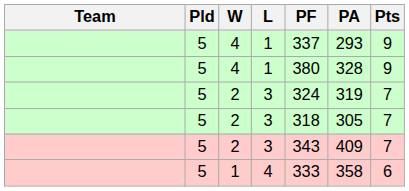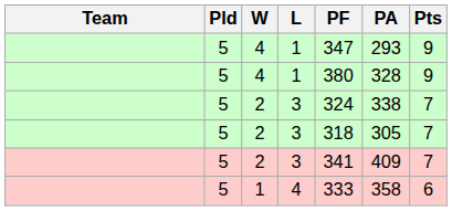 <table class="wikitable" style="text-align:center;">
 <tr>
 <th width=170>Team</th>
 <th width=25>Pld</th>
 <th width=25>W</th>
 <th width=25>L</th>
 <th width=35>PF</th>
 <th width=35>PA</th>
 <th width=25>Pts</th>
 </tr>
 <tr bgcolor=#ccffcc>
 <td align="left"></td>
 <td>5</td>
 <td>4</td>
 <td>1</td>
-<td>337</td>
+<td>347</td>
 <td>293</td>
 <td>9</td>
 </tr>
 <tr bgcolor=#ccffcc>
 <td align="left"></td>
 <td>5</td>
 <td>4</td>
 <td>1</td>
 <td>380</td>
 <td>328</td>
 <td>9</td>
 </tr>
 <tr bgcolor=#ccffcc>
 <td align="left"></td>
 <td>5</td>
 <td>2</td>
 <td>3</td>
 <td>324</td>
-<td>319</td>
+<td>338</td>
 <td>7</td>
 </tr>
 <tr bgcolor=#ccffcc>
 <td align="left"></td>
 <td>5</td>
 <td>2</td>
 <td>3</td>
 <td>318</td>
 <td>305</td>
 <td>7</td>
 </tr>
 <tr bgcolor=#ffcccc>
 <td align="left"></td>
 <td>5</td>
 <td>2</td>
 <td>3</td>
-<td>343</td>
+<td>341</td>
 <td>409</td>
 <td>7</td>
 </tr>
 <tr bgcolor=#ffcccc>
 <td align="left"></td>
 <td>5</td>
 <td>1</td>
 <td>4</td>
 <td>333</td>
 <td>358</td>
 <td>6</td>
 </tr>
 </table>
